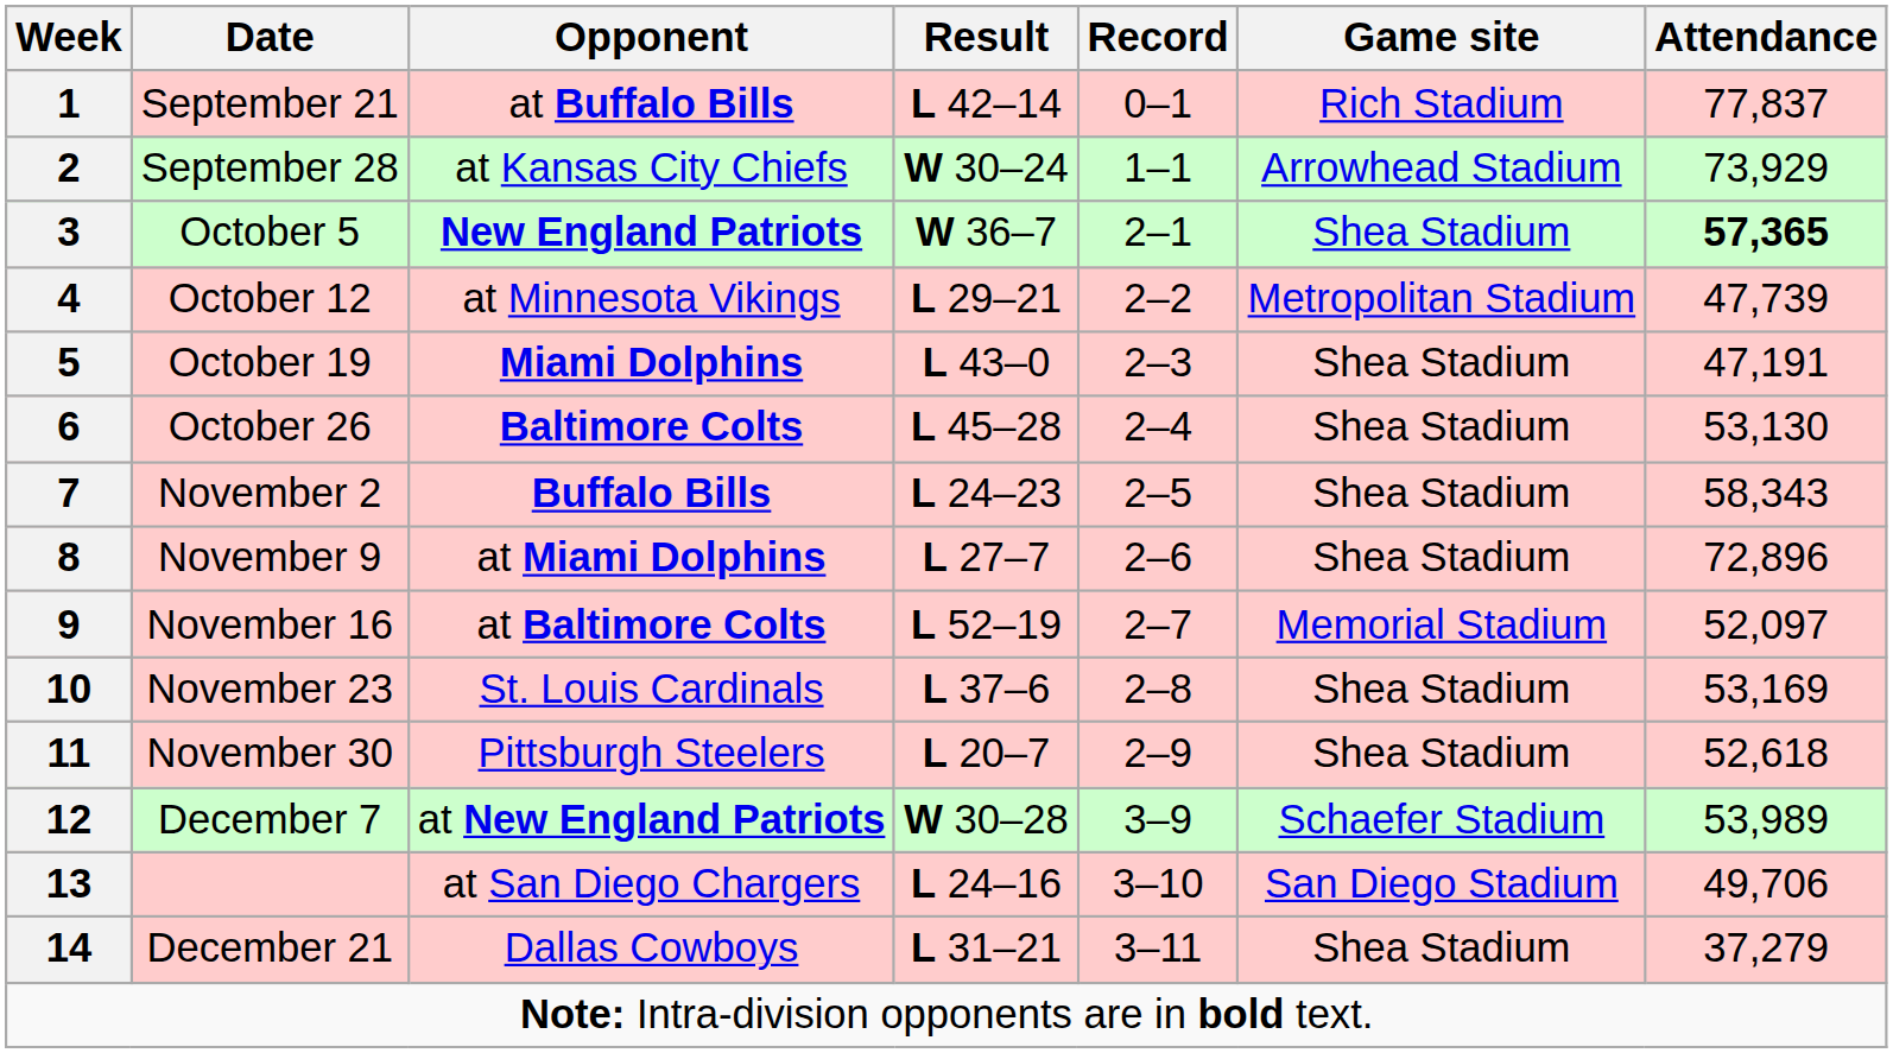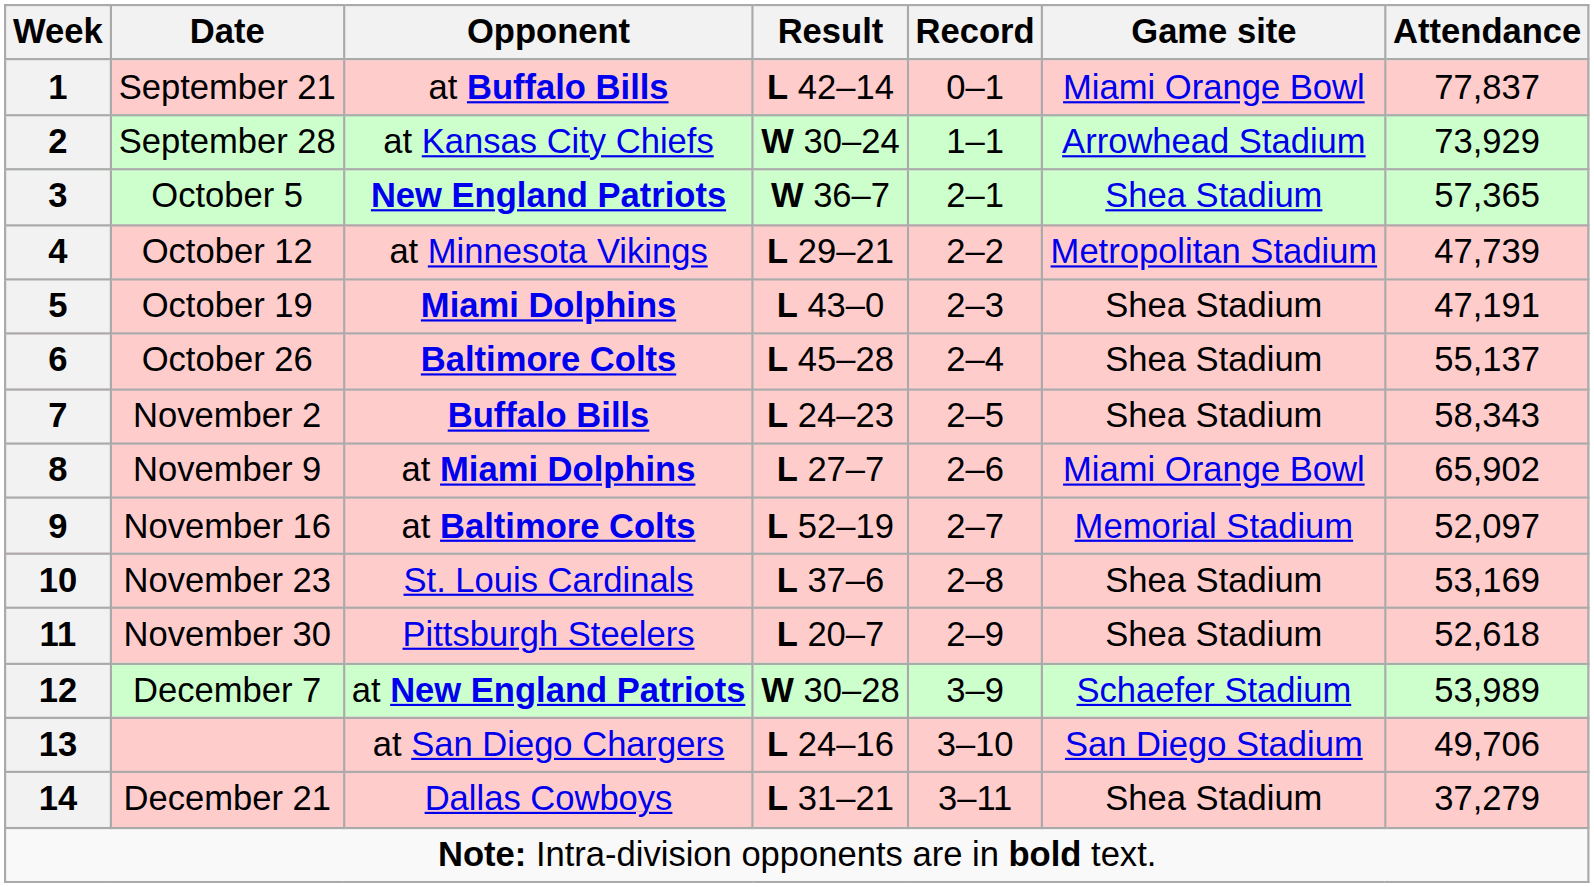 <table class="wikitable"  style="text-align: center";>
 <tr>
 <th>Week</th>
 <th>Date</th>
 <th>Opponent</th>
 <th>Result</th>
 <th>Record</th>
 <th>Game site</th>
 <th>Attendance</th>
 </tr>
 <tr style="background:#fcc">
 <th>1</th>
 <td>September 21</td>
 <td>at <strong><a href='#'>Buffalo Bills</a></strong></td>
 <td><strong>L</strong> 42–14</td>
 <td>0–1</td>
-<td><a href='#'>Rich Stadium</a></td>
+<td><a href='#'>Miami Orange Bowl</a></td>
 <td>77,837</td>
 </tr>
 <tr style="background:#cfc">
 <th>2</th>
 <td>September 28</td>
 <td>at <a href='#'>Kansas City Chiefs</a></td>
 <td><strong>W</strong> 30–24</td>
 <td>1–1</td>
 <td><a href='#'>Arrowhead Stadium</a></td>
 <td>73,929</td>
 </tr>
 <tr style="background:#cfc">
 <th>3</th>
 <td>October 5</td>
 <td><strong><a href='#'>New England Patriots</a></strong></td>
 <td><strong>W</strong> 36–7</td>
 <td>2–1</td>
 <td><a href='#'>Shea Stadium</a></td>
-<td><strong>57,365</strong></td>
+<td>57,365</td>
 </tr>
 <tr style="background:#fcc">
 <th>4</th>
 <td>October 12</td>
 <td>at <a href='#'>Minnesota Vikings</a></td>
 <td><strong>L</strong> 29–21</td>
 <td>2–2</td>
 <td><a href='#'>Metropolitan Stadium</a></td>
 <td>47,739</td>
 </tr>
 <tr style="background:#fcc">
 <th>5</th>
 <td>October 19</td>
 <td><strong><a href='#'>Miami Dolphins</a></strong></td>
 <td><strong>L</strong> 43–0</td>
 <td>2–3</td>
 <td>Shea Stadium</td>
 <td>47,191</td>
 </tr>
 <tr style="background:#fcc">
 <th>6</th>
 <td>October 26</td>
 <td><strong><a href='#'>Baltimore Colts</a></strong></td>
 <td><strong>L</strong> 45–28</td>
 <td>2–4</td>
 <td>Shea Stadium</td>
-<td>53,130</td>
+<td>55,137</td>
 </tr>
 <tr style="background:#fcc">
 <th>7</th>
 <td>November 2</td>
 <td><strong><a href='#'>Buffalo Bills</a></strong></td>
 <td><strong>L</strong> 24–23</td>
 <td>2–5</td>
 <td>Shea Stadium</td>
 <td>58,343</td>
 </tr>
 <tr style="background:#fcc">
 <th>8</th>
 <td>November 9</td>
 <td>at <strong><a href='#'>Miami Dolphins</a></strong></td>
 <td><strong>L</strong> 27–7</td>
 <td>2–6</td>
-<td>Shea Stadium</td>
-<td>72,896</td>
+<td><a href='#'>Miami Orange Bowl</a></td>
+<td>65,902</td>
 </tr>
 <tr style="background:#fcc">
 <th>9</th>
 <td>November 16</td>
 <td>at <strong><a href='#'>Baltimore Colts</a></strong></td>
 <td><strong>L</strong> 52–19</td>
 <td>2–7</td>
 <td><a href='#'>Memorial Stadium</a></td>
 <td>52,097</td>
 </tr>
 <tr style="background:#fcc">
 <th>10</th>
 <td>November 23</td>
 <td><a href='#'>St. Louis Cardinals</a></td>
 <td><strong>L</strong> 37–6</td>
 <td>2–8</td>
 <td>Shea Stadium</td>
 <td>53,169</td>
 </tr>
 <tr style="background:#fcc">
 <th>11</th>
 <td>November 30</td>
 <td><a href='#'>Pittsburgh Steelers</a></td>
 <td><strong>L</strong> 20–7</td>
 <td>2–9</td>
 <td>Shea Stadium</td>
 <td>52,618</td>
 </tr>
 <tr style="background:#cfc">
 <th>12</th>
 <td>December 7</td>
 <td>at <strong><a href='#'>New England Patriots</a></strong></td>
 <td><strong>W</strong> 30–28</td>
 <td>3–9</td>
 <td><a href='#'>Schaefer Stadium</a></td>
 <td>53,989</td>
 </tr>
 <tr style="background:#fcc">
 <th>13</th>
 <td></td>
 <td>at <a href='#'>San Diego Chargers</a></td>
 <td><strong>L</strong> 24–16</td>
 <td>3–10</td>
 <td><a href='#'>San Diego Stadium</a></td>
 <td>49,706</td>
 </tr>
 <tr style="background:#fcc">
 <th>14</th>
 <td>December 21</td>
 <td><a href='#'>Dallas Cowboys</a></td>
 <td><strong>L</strong> 31–21</td>
 <td>3–11</td>
 <td>Shea Stadium</td>
 <td>37,279</td>
 </tr>
 <tr>
 <td colspan="8"><strong>Note:</strong> Intra-division opponents are in <strong>bold</strong> text.</td>
 </tr>
 </table>
